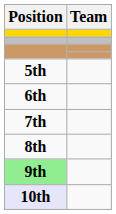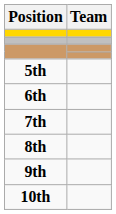 <table class="wikitable" style="text-align: center;">
 <tr>
 <th>Position</th>
 <th>Team</th>
 </tr>
 <tr style="background:gold;">
 <td><strong></strong></td>
 <td></td>
 </tr>
 <tr style="background:silver;">
 <td><strong></strong></td>
 <td></td>
 </tr>
 <tr style="background:#c96;">
 <td rowspan=2><strong></strong></td>
 <td></td>
 </tr>
 <tr style="background:#c96;">
 <td></td>
 </tr>
 <tr>
 <td><strong>5th</strong></td>
 <td></td>
 </tr>
 <tr>
 <td><strong>6th</strong></td>
 <td></td>
 </tr>
 <tr>
 <td><strong>7th</strong></td>
 <td></td>
 </tr>
 <tr>
 <td><strong>8th</strong></td>
 <td></td>
 </tr>
 <tr>
-<td style="background: lightgreen;"><strong>9th</strong></td>
+<td><strong>9th</strong></td>
 <td></td>
 </tr>
 <tr>
-<td style="background: lavender;"><strong>10th</strong></td>
+<td><strong>10th</strong></td>
 <td></td>
 </tr>
 </table>
